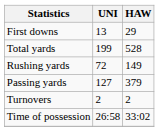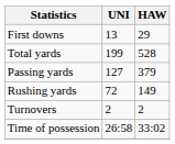 <table class="wikitable" style="float: left;">
 <tr>
 <th>Statistics</th>
 <th>UNI</th>
 <th>HAW</th>
 </tr>
 <tr>
 <td>First downs</td>
 <td>13</td>
 <td>29</td>
 </tr>
 <tr>
 <td>Total yards</td>
 <td>199</td>
 <td>528</td>
 </tr>
 <tr>
+<td>Passing yards</td>
+<td>127</td>
+<td>379</td>
+</tr>
+<tr>
 <td>Rushing yards</td>
 <td>72</td>
 <td>149</td>
-</tr>
-<tr>
-<td>Passing yards</td>
-<td>127</td>
-<td>379</td>
 </tr>
 <tr>
 <td>Turnovers</td>
 <td>2</td>
 <td>2</td>
 </tr>
 <tr>
 <td>Time of possession</td>
 <td>26:58</td>
 <td>33:02</td>
 </tr>
 <tr>
 </tr>
 </table>
